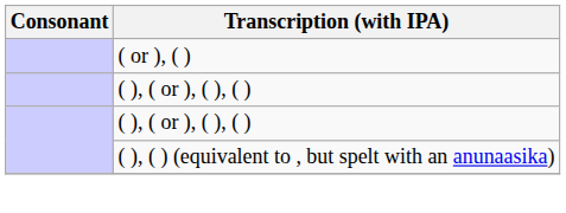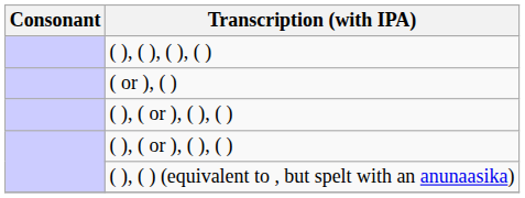 <table class="wikitable">
 <tr>
 <th>Consonant</th>
 <th>Transcription (with IPA)</th>
+</tr>
+<tr colspan="2">
+<td style="background: #ccf; text-align: center"></td>
+<td> ( ),  ( ‌),  ( ),  ( )</td>
 </tr>
 <tr colspan="2">
 <td style="background: #ccf; text-align: center"></td>
 <td> (  or ),  ( )</td>
 </tr>
 <tr colspan="2">
 <td style="background: #ccf; text-align: center"></td>
 <td> ( ),  (‌  or ),  ( ),  ( )</td>
 </tr>
 <tr colspan="2">
 <td style="background: #ccf; text-align: center" rowspan="2"></td>
 <td> (‌ ),  (  or ),  ( ),  ( )</td>
 </tr>
 <tr>
 <td> ( ),  ( ) (equivalent to , but spelt with an <a href='#'>anunaasika</a>)</td>
 </tr>
 <tr>
 </tr>
 </table>
